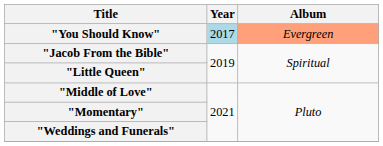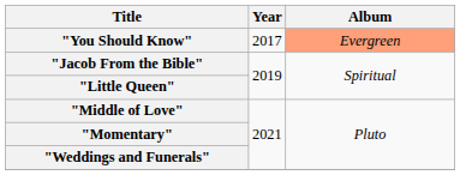 <table class="wikitable plainrowheaders" style="text-align:center;" border="1">
 <tr>
 <th scope="col" style="width:16em;">Title</th>
 <th scope="col" style="width:1em;">Year</th>
 <th scope="col" style="width:11em;">Album</th>
 </tr>
 <tr>
 <th scope="row">"You Should Know"</th>
-<td style="background: lightblue;">2017</td>
+<td>2017</td>
 <td style="background: lightsalmon;"><em>Evergreen</em></td>
 </tr>
 <tr>
 <th scope="row">"Jacob From the Bible"</th>
 <td rowspan="2">2019</td>
 <td rowspan="2"><em>Spiritual</em></td>
 </tr>
 <tr>
 <th scope="row">"Little Queen"</th>
 </tr>
 <tr>
 <th scope="row">"Middle of Love"</th>
 <td rowspan="3">2021</td>
 <td rowspan="3"><em>Pluto</em></td>
 </tr>
 <tr>
 <th scope="row">"Momentary"</th>
 </tr>
 <tr>
 <th scope="row">"Weddings and Funerals"</th>
 </tr>
 <tr>
 </tr>
 </table>
